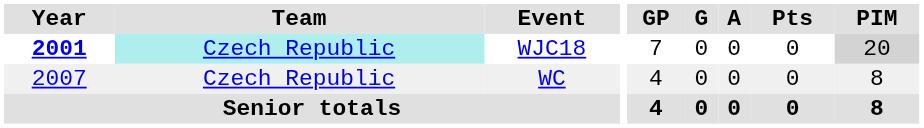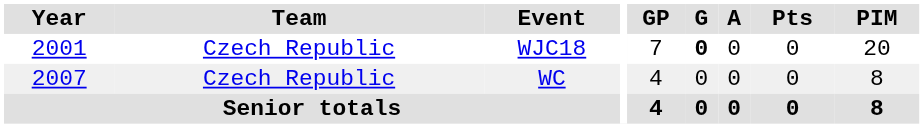 <table border="0" cellpadding="1" cellspacing="0" ID="Table3" style="text-align:center; width:40em">
 <tr ALIGN="center" bgcolor="#e0e0e0">
 <th>Year</th>
 <th>Team</th>
 <th>Event</th>
 <th rowspan="99" bgcolor="#ffffff"></th>
 <th>GP</th>
 <th>G</th>
 <th>A</th>
 <th>Pts</th>
 <th>PIM</th>
 </tr>
 <tr>
-<td><strong><a href='#'>2001</a></strong></td>
-<td style="background: paleturquoise;"><a href='#'>Czech Republic</a></td>
+<td><a href='#'>2001</a></td>
+<td><a href='#'>Czech Republic</a></td>
 <td><a href='#'>WJC18</a></td>
 <td>7</td>
+<td><strong>0</strong></td>
 <td>0</td>
 <td>0</td>
-<td>0</td>
-<td style="background: lightgrey;">20</td>
+<td>20</td>
 </tr>
 <tr bgcolor="#f0f0f0">
 <td><a href='#'>2007</a></td>
 <td><a href='#'>Czech Republic</a></td>
 <td><a href='#'>WC</a></td>
 <td>4</td>
 <td>0</td>
 <td>0</td>
 <td>0</td>
 <td>8</td>
 </tr>
 <tr bgcolor="#e0e0e0">
 <th colspan="3">Senior totals</th>
 <th>4</th>
 <th>0</th>
 <th>0</th>
 <th>0</th>
 <th>8</th>
 </tr>
 </table>
